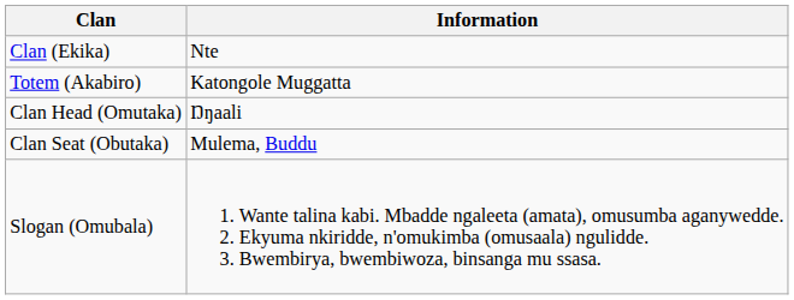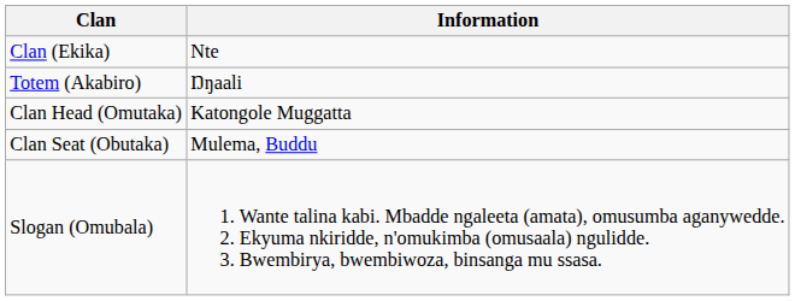 <table class="wikitable">
 <tr>
 <th>Clan</th>
 <th>Information</th>
 </tr>
 <tr>
 <td><a href='#'>Clan</a> (Ekika)</td>
 <td>Nte</td>
 </tr>
 <tr>
 <td><a href='#'>Totem</a> (Akabiro)</td>
-<td>Katongole Muggatta</td>
+<td>Ŋŋaali</td>
 </tr>
 <tr>
 <td>Clan Head (Omutaka)</td>
-<td>Ŋŋaali</td>
+<td>Katongole Muggatta</td>
 </tr>
 <tr>
 <td>Clan Seat (Obutaka)</td>
 <td>Mulema, <a href='#'>Buddu</a></td>
 </tr>
 <tr>
 <td>Slogan (Omubala)</td>
 <td><br><ol><li>Wante talina kabi. Mbadde ngaleeta (amata), omusumba aganywedde.</li><li>Ekyuma nkiridde, n'omukimba (omusaala) ngulidde.</li><li>Bwembirya, bwembiwoza, binsanga mu ssasa.</li></ol></td>
 </tr>
 </table>
